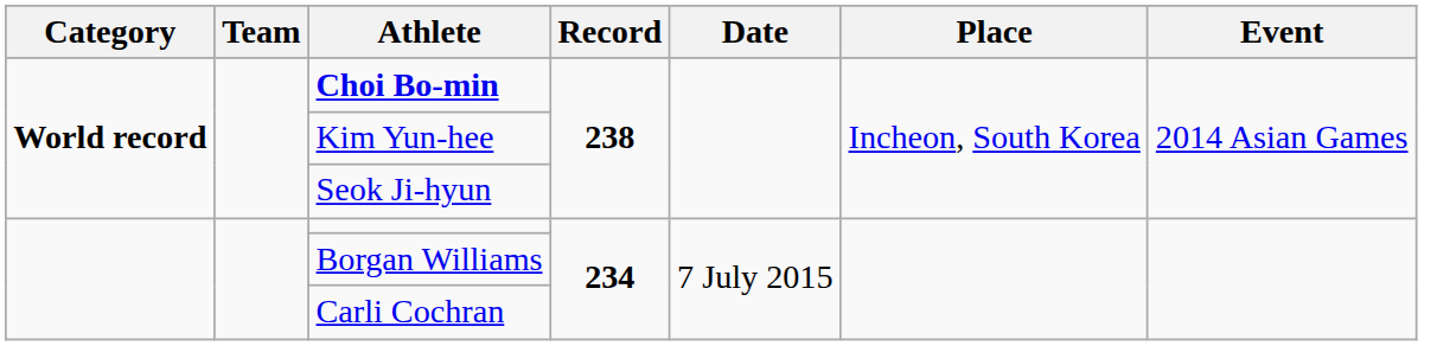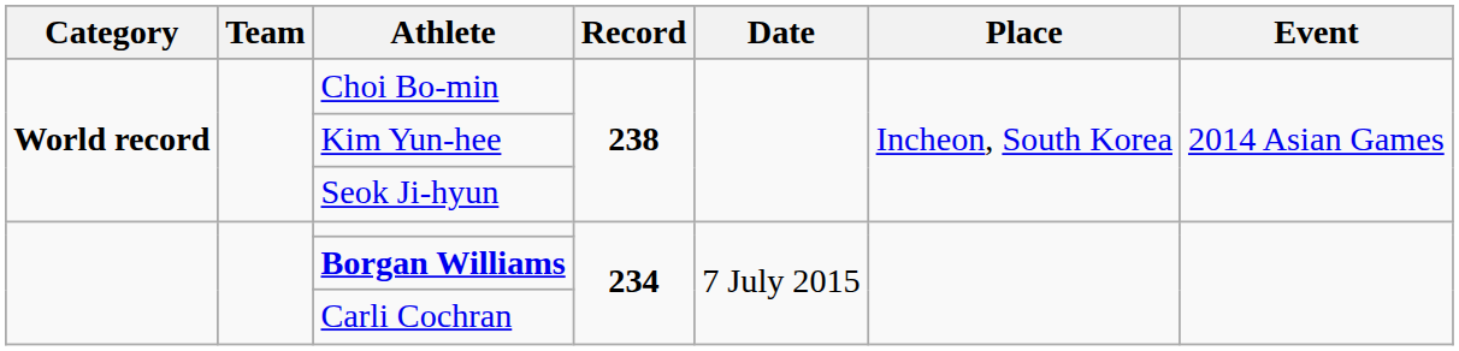 <table class="wikitable" style="text-align:center">
 <tr>
 <th>Category</th>
 <th>Team</th>
 <th>Athlete</th>
 <th>Record</th>
 <th>Date</th>
 <th>Place</th>
 <th>Event</th>
 </tr>
 <tr>
 <td rowspan="3"><strong>World record</strong></td>
 <td align="left" rowspan="3"></td>
-<td align="left"><strong><a href='#'>Choi Bo-min</a></strong></td>
+<td align="left"><a href='#'>Choi Bo-min</a></td>
 <td rowspan="3"><strong>238</strong></td>
 <td rowspan="3"></td>
 <td rowspan="3"><a href='#'>Incheon</a>, <a href='#'>South Korea</a></td>
 <td rowspan="3"><a href='#'>2014 Asian Games</a></td>
 </tr>
 <tr>
 <td align="left"><a href='#'>Kim Yun-hee</a></td>
 </tr>
 <tr>
 <td align="left"><a href='#'>Seok Ji-hyun</a></td>
 </tr>
 <tr>
 <td rowspan="3"><strong></strong></td>
 <td align="left" rowspan="3"></td>
 <td align="left"></td>
 <td rowspan="3"><strong>234</strong></td>
 <td rowspan="3">7 July 2015</td>
 <td rowspan="3"></td>
 <td rowspan="3"></td>
 </tr>
 <tr>
-<td align="left"><a href='#'>Borgan Williams</a></td>
+<td align="left"><strong><a href='#'>Borgan Williams</a></strong></td>
 </tr>
 <tr>
 <td align="left"><a href='#'>Carli Cochran</a></td>
 </tr>
 </table>
